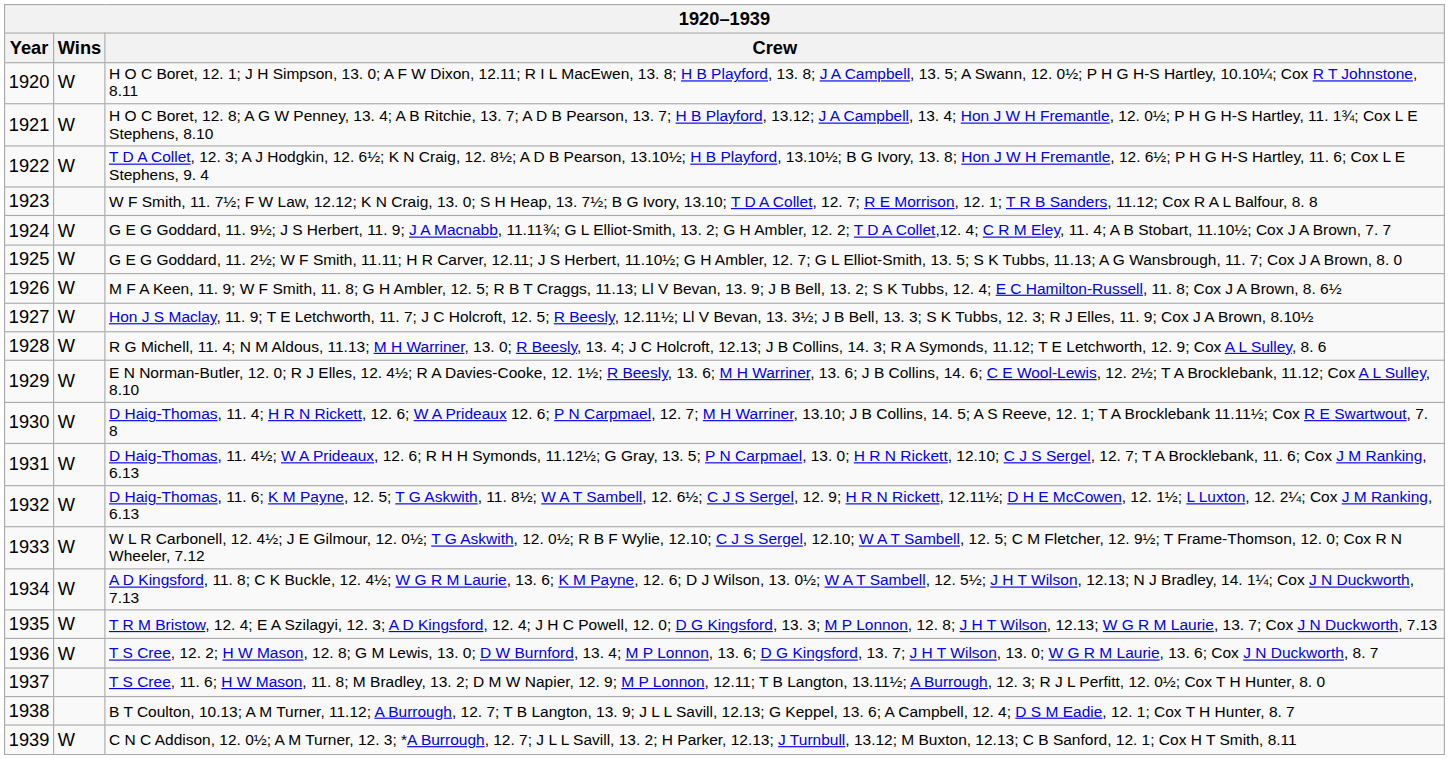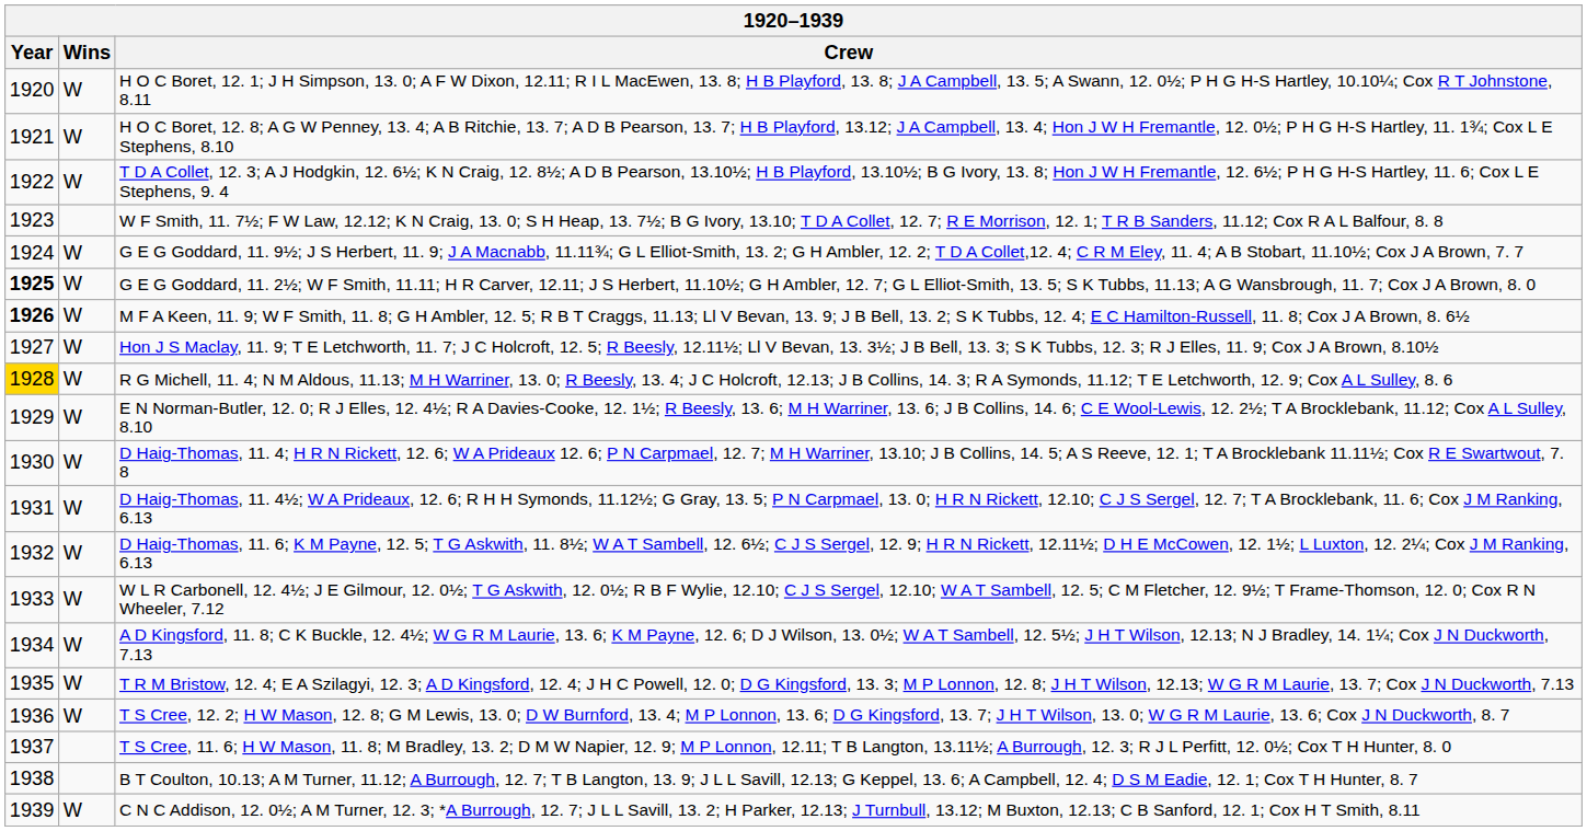 <table class="wikitable" style="width:100%;">
 <tr>
 <th colspan="3">1920–1939</th>
 </tr>
 <tr>
 <th>Year</th>
 <th>Wins</th>
 <th>Crew</th>
 </tr>
 <tr>
 <td>1920</td>
 <td>W</td>
 <td style="font-size:85%">H O C Boret, 12. 1; J H Simpson, 13. 0; A F W Dixon, 12.11; R I L MacEwen, 13. 8; <a href='#'>H B Playford</a>, 13. 8; <a href='#'>J A Campbell</a>, 13. 5; A Swann, 12. 0½; P H G H-S Hartley, 10.10¼; Cox <a href='#'>R T Johnstone</a>, 8.11</td>
 </tr>
 <tr>
 <td>1921</td>
 <td>W</td>
 <td style="font-size:85%">H O C Boret, 12. 8; A G W Penney, 13. 4; A B Ritchie, 13. 7; A D B Pearson, 13. 7; <a href='#'>H B Playford</a>, 13.12; <a href='#'>J A Campbell</a>, 13. 4; <a href='#'>Hon J W H Fremantle</a>, 12. 0½; P H G H-S Hartley, 11. 1¾; Cox L E Stephens, 8.10</td>
 </tr>
 <tr>
 <td>1922</td>
 <td>W</td>
 <td style="font-size:85%"><a href='#'>T D A Collet</a>, 12. 3; A J Hodgkin, 12. 6½; K N Craig, 12. 8½; A D B Pearson, 13.10½; <a href='#'>H B Playford</a>, 13.10½; B G Ivory, 13. 8; <a href='#'>Hon J W H Fremantle</a>, 12. 6½; P H G H-S Hartley, 11. 6; Cox L E Stephens, 9. 4</td>
 </tr>
 <tr>
 <td>1923</td>
 <td></td>
 <td style="font-size:85%">W F Smith, 11. 7½; F W Law, 12.12; K N Craig, 13. 0; S H Heap, 13. 7½; B G Ivory, 13.10; <a href='#'>T D A Collet</a>, 12. 7; <a href='#'>R E Morrison</a>, 12. 1; <a href='#'>T R B Sanders</a>, 11.12; Cox R A L Balfour, 8. 8</td>
 </tr>
 <tr>
 <td>1924</td>
 <td>W</td>
 <td style="font-size:85%">G E G Goddard, 11. 9½; J S Herbert, 11. 9; <a href='#'>J A Macnabb</a>, 11.11¾; G L Elliot-Smith, 13. 2; G H Ambler, 12. 2; <a href='#'>T D A Collet</a>,12. 4; <a href='#'>C R M Eley</a>, 11. 4; A B Stobart, 11.10½; Cox J A Brown, 7. 7</td>
 </tr>
 <tr>
-<td>1925</td>
+<td><strong>1925</strong></td>
 <td>W</td>
 <td style="font-size:85%">G E G Goddard, 11. 2½; W F Smith, 11.11; H R Carver, 12.11; J S Herbert, 11.10½; G H Ambler, 12. 7; G L Elliot-Smith, 13. 5; S K Tubbs, 11.13; A G Wansbrough, 11. 7; Cox J A Brown, 8. 0</td>
 </tr>
 <tr>
-<td>1926</td>
+<td><strong>1926</strong></td>
 <td>W</td>
 <td style="font-size:85%">M F A Keen, 11. 9; W F Smith, 11. 8; G H Ambler, 12. 5; R B T Craggs, 11.13; Ll V Bevan, 13. 9; J B Bell, 13. 2; S K Tubbs, 12. 4; <a href='#'>E C Hamilton-Russell</a>, 11. 8; Cox J A Brown, 8. 6½</td>
 </tr>
 <tr>
 <td>1927</td>
 <td>W</td>
 <td style="font-size:85%"><a href='#'>Hon J S Maclay</a>, 11. 9; T E Letchworth, 11. 7; J C Holcroft, 12. 5; <a href='#'>R Beesly</a>, 12.11½; Ll V Bevan, 13. 3½; J B Bell, 13. 3; S K Tubbs, 12. 3; R J Elles, 11. 9; Cox J A Brown, 8.10½</td>
 </tr>
 <tr>
-<td>1928</td>
+<td style="background: gold;">1928</td>
 <td>W</td>
 <td style="font-size:85%">R G Michell, 11. 4; N M Aldous, 11.13; <a href='#'>M H Warriner</a>, 13. 0; <a href='#'>R Beesly</a>, 13. 4; J C Holcroft, 12.13; J B Collins, 14. 3; R A Symonds, 11.12; T E Letchworth, 12. 9; Cox <a href='#'>A L Sulley</a>, 8. 6</td>
 </tr>
 <tr>
 <td>1929</td>
 <td>W</td>
 <td style="font-size:85%">E N Norman-Butler, 12. 0; R J Elles, 12. 4½; R A Davies-Cooke, 12. 1½; <a href='#'>R Beesly</a>, 13. 6; <a href='#'>M H Warriner</a>, 13. 6; J B Collins, 14. 6; <a href='#'>C E Wool-Lewis</a>, 12. 2½; T A Brocklebank, 11.12; Cox <a href='#'>A L Sulley</a>, 8.10</td>
 </tr>
 <tr>
 <td>1930</td>
 <td>W</td>
 <td style="font-size:85%"><a href='#'>D Haig-Thomas</a>, 11. 4; <a href='#'>H R N Rickett</a>, 12. 6; <a href='#'>W A Prideaux</a> 12. 6; <a href='#'>P N Carpmael</a>, 12. 7; <a href='#'>M H Warriner</a>, 13.10; J B Collins, 14. 5; A S Reeve, 12. 1; T A Brocklebank 11.11½; Cox <a href='#'>R E Swartwout</a>, 7. 8</td>
 </tr>
 <tr>
 <td>1931</td>
 <td>W</td>
 <td style="font-size:85%"><a href='#'>D Haig-Thomas</a>, 11. 4½; <a href='#'>W A Prideaux</a>, 12. 6; R H H Symonds, 11.12½; G Gray, 13. 5; <a href='#'>P N Carpmael</a>, 13. 0; <a href='#'>H R N Rickett</a>, 12.10; <a href='#'>C J S Sergel</a>, 12. 7; T A Brocklebank, 11. 6; Cox <a href='#'>J M Ranking</a>, 6.13</td>
 </tr>
 <tr>
 <td>1932</td>
 <td>W</td>
 <td style="font-size:85%"><a href='#'>D Haig-Thomas</a>, 11. 6; <a href='#'>K M Payne</a>, 12. 5; <a href='#'>T G Askwith</a>, 11. 8½; <a href='#'>W A T Sambell</a>, 12. 6½; <a href='#'>C J S Sergel</a>, 12. 9; <a href='#'>H R N Rickett</a>, 12.11½; <a href='#'>D H E McCowen</a>, 12. 1½; <a href='#'>L Luxton</a>, 12. 2¼; Cox <a href='#'>J M Ranking</a>, 6.13</td>
 </tr>
 <tr>
 <td>1933</td>
 <td>W</td>
 <td style="font-size:85%">W L R Carbonell, 12. 4½; J E Gilmour, 12. 0½; <a href='#'>T G Askwith</a>, 12. 0½; R B F Wylie, 12.10; <a href='#'>C J S Sergel</a>, 12.10; <a href='#'>W A T Sambell</a>, 12. 5; C M Fletcher, 12. 9½; T Frame-Thomson, 12. 0; Cox R N Wheeler, 7.12</td>
 </tr>
 <tr>
 <td>1934</td>
 <td>W</td>
 <td style="font-size:85%"><a href='#'>A D Kingsford</a>, 11. 8; C K Buckle, 12. 4½; <a href='#'>W G R M Laurie</a>, 13. 6; <a href='#'>K M Payne</a>, 12. 6; D J Wilson, 13. 0½; <a href='#'>W A T Sambell</a>, 12. 5½; <a href='#'>J H T Wilson</a>, 12.13; N J Bradley, 14. 1¼; Cox <a href='#'>J N Duckworth</a>, 7.13</td>
 </tr>
 <tr>
 <td>1935</td>
 <td>W</td>
 <td style="font-size:85%"><a href='#'>T R M Bristow</a>, 12. 4; E A Szilagyi, 12. 3; <a href='#'>A D Kingsford</a>, 12. 4; J H C Powell, 12. 0; <a href='#'>D G Kingsford</a>, 13. 3; <a href='#'>M P Lonnon</a>, 12. 8; <a href='#'>J H T Wilson</a>, 12.13; <a href='#'>W G R M Laurie</a>, 13. 7; Cox <a href='#'>J N Duckworth</a>, 7.13</td>
 </tr>
 <tr>
 <td>1936</td>
 <td>W</td>
 <td style="font-size:85%"><a href='#'>T S Cree</a>, 12. 2; <a href='#'>H W Mason</a>, 12. 8; G M Lewis, 13. 0; <a href='#'>D W Burnford</a>, 13. 4; <a href='#'>M P Lonnon</a>, 13. 6; <a href='#'>D G Kingsford</a>, 13. 7; <a href='#'>J H T Wilson</a>, 13. 0; <a href='#'>W G R M Laurie</a>, 13. 6; Cox <a href='#'>J N Duckworth</a>, 8. 7</td>
 </tr>
 <tr>
 <td>1937</td>
 <td></td>
 <td style="font-size:85%"><a href='#'>T S Cree</a>, 11. 6; <a href='#'>H W Mason</a>, 11. 8; M Bradley, 13. 2; D M W Napier, 12. 9; <a href='#'>M P Lonnon</a>, 12.11; T B Langton, 13.11½; <a href='#'>A Burrough</a>, 12. 3; R J L Perfitt, 12. 0½; Cox T H Hunter, 8. 0</td>
 </tr>
 <tr>
 <td>1938</td>
 <td></td>
 <td style="font-size:85%">B T Coulton, 10.13; A M Turner, 11.12; <a href='#'>A Burrough</a>, 12. 7; T B Langton, 13. 9; J L L Savill, 12.13; G Keppel, 13. 6; A Campbell, 12. 4; <a href='#'>D S M Eadie</a>, 12. 1; Cox T H Hunter, 8. 7</td>
 </tr>
 <tr>
 <td>1939</td>
 <td>W</td>
 <td style="font-size:85%">C N C Addison, 12. 0½; A M Turner, 12. 3; *<a href='#'>A Burrough</a>, 12. 7; J L L Savill, 13. 2; H Parker, 12.13; <a href='#'>J Turnbull</a>, 13.12; M Buxton, 12.13; C B Sanford, 12. 1; Cox H T Smith, 8.11</td>
 </tr>
 <tr>
 </tr>
 </table>
